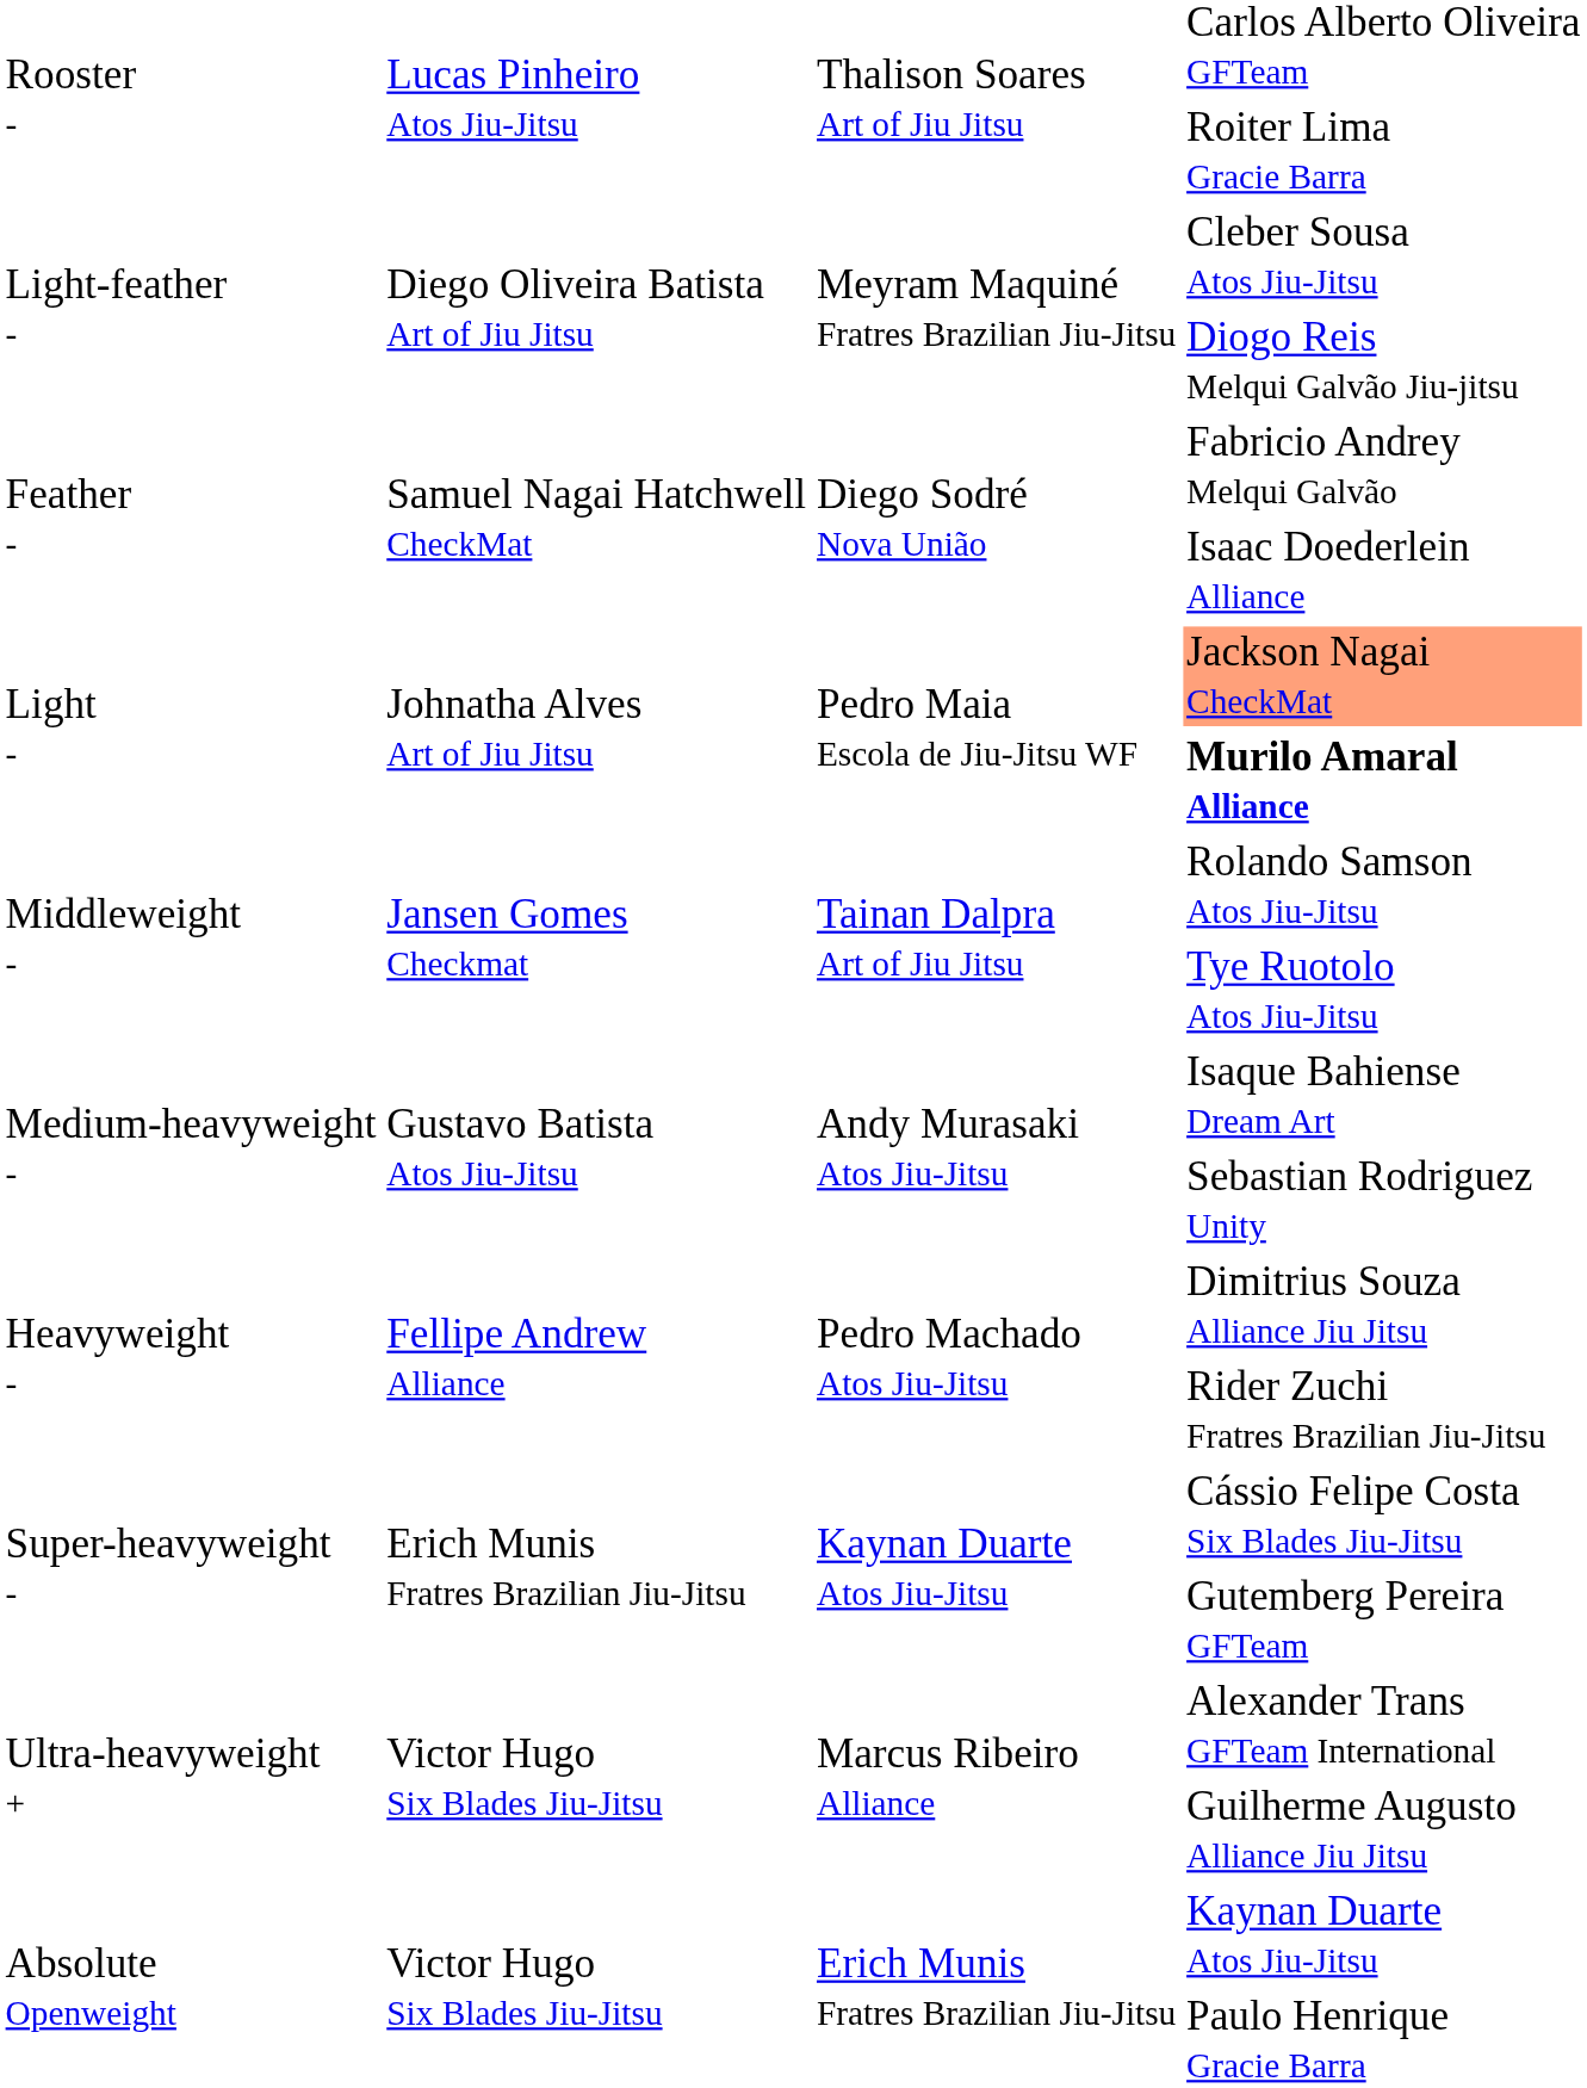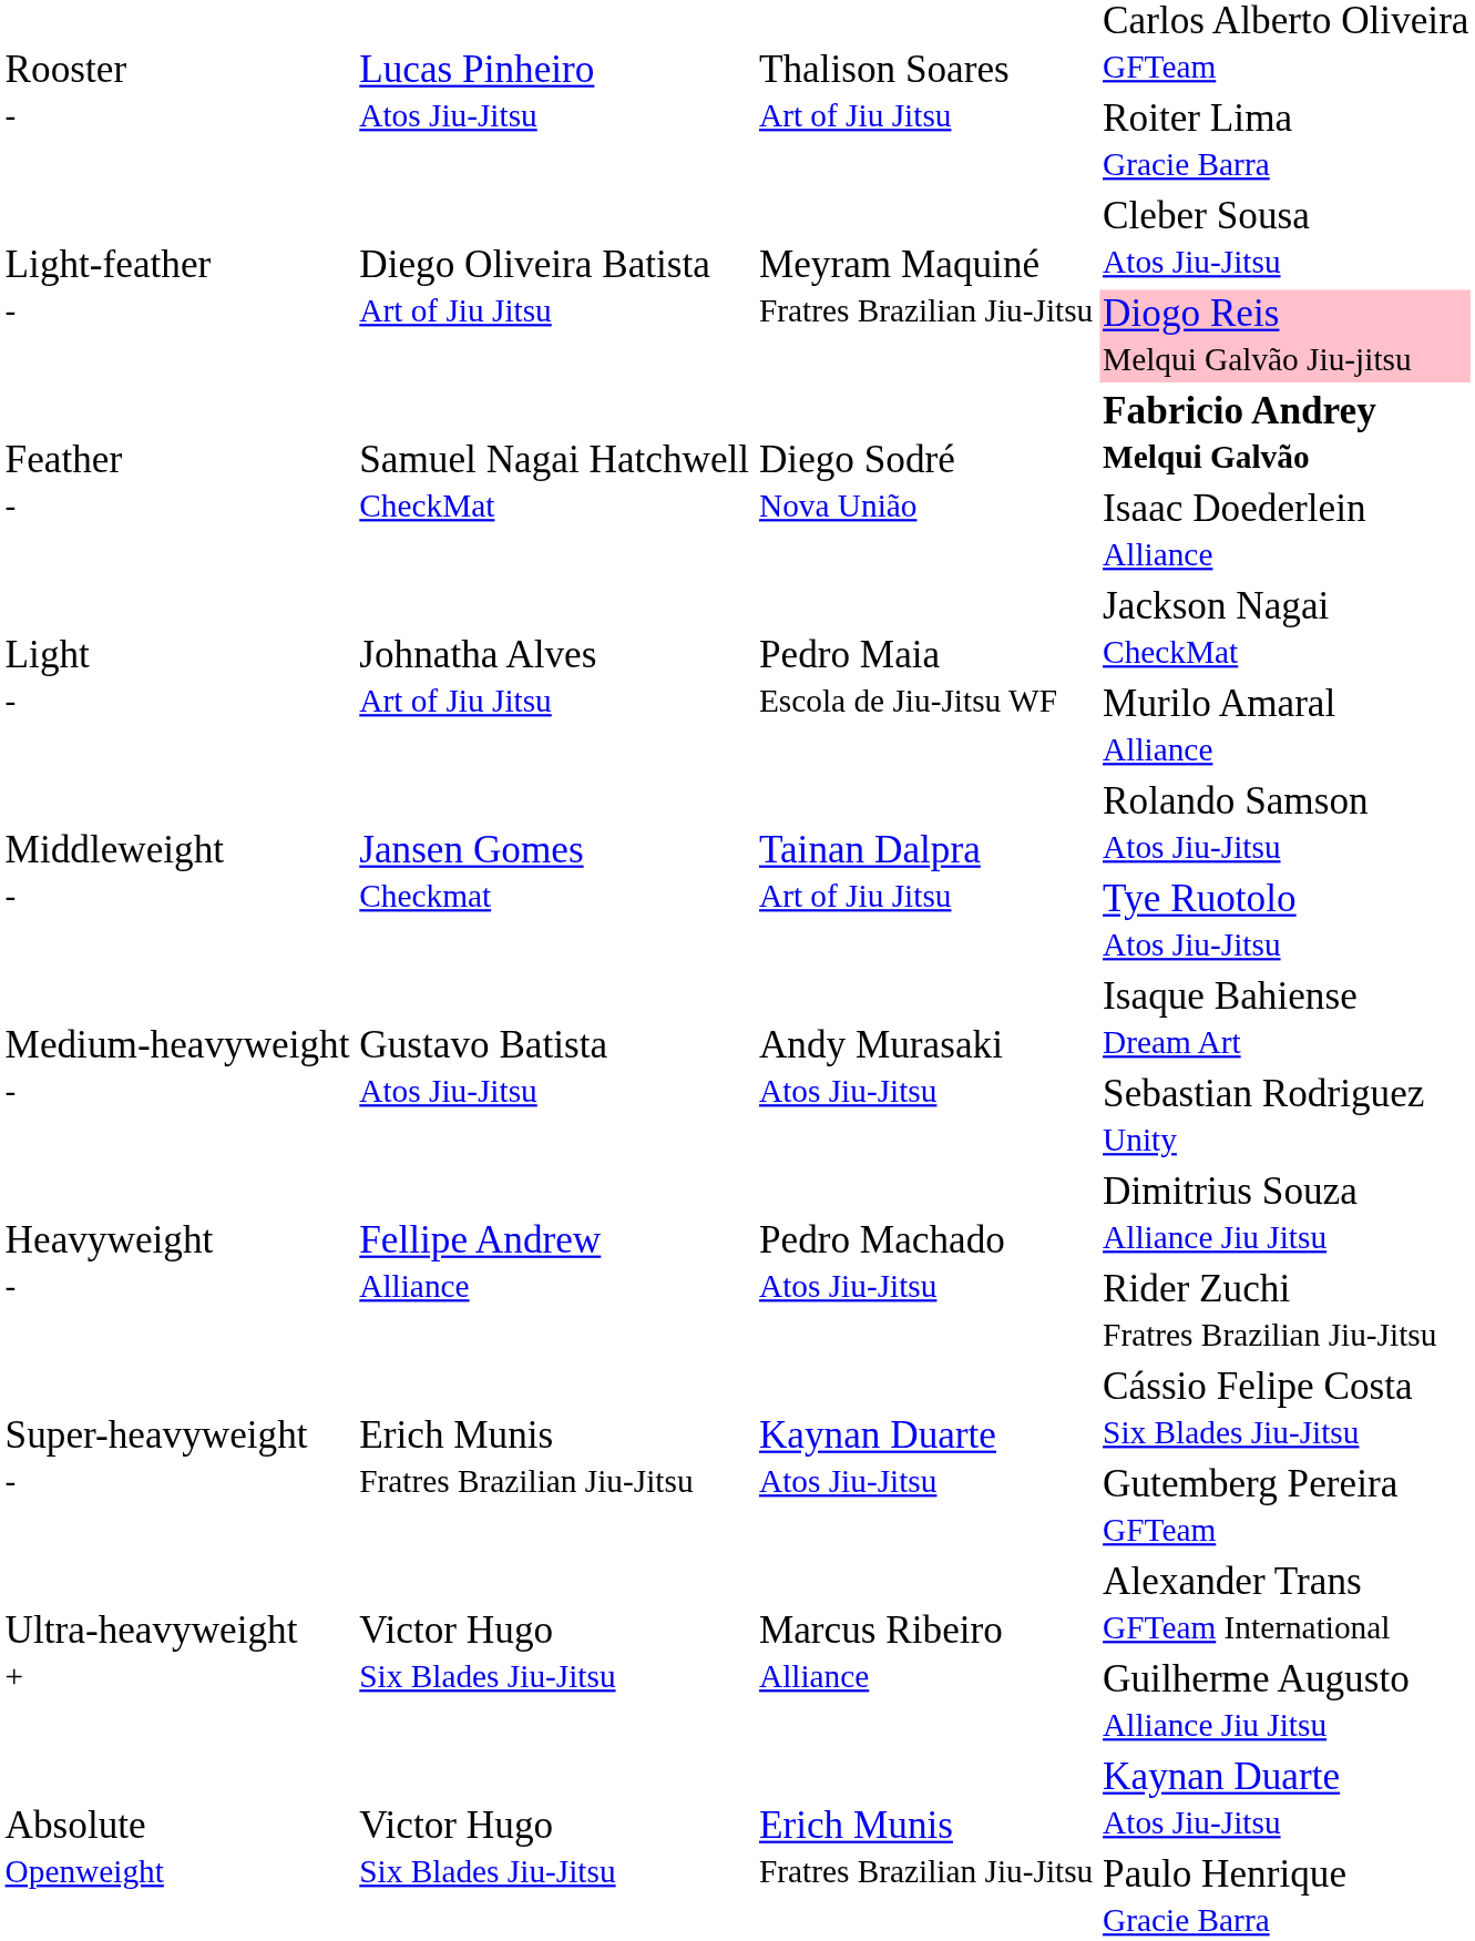 <table>
 <tr>
 <td rowspan=2>Rooster<br><small>-</small></td>
 <td rowspan=2> <a href='#'>Lucas Pinheiro</a><br><small><a href='#'>Atos Jiu-Jitsu</a></small></td>
 <td rowspan=2> Thalison Soares<br><small><a href='#'>Art of Jiu Jitsu</a></small></td>
 <td> Carlos Alberto Oliveira<br><small><a href='#'>GFTeam</a></small></td>
 </tr>
 <tr>
 <td> Roiter Lima<br><small><a href='#'>Gracie Barra</a></small></td>
 </tr>
 <tr>
 <td rowspan=2>Light-feather<br><small>-</small></td>
 <td rowspan=2> Diego Oliveira Batista<br><small><a href='#'>Art of Jiu Jitsu</a></small></td>
 <td rowspan=2> Meyram Maquiné<br><small> Fratres Brazilian Jiu-Jitsu</small></td>
 <td> Cleber Sousa<br><small><a href='#'>Atos Jiu-Jitsu</a></small></td>
 </tr>
 <tr>
-<td> <a href='#'>Diogo Reis</a><br><small>Melqui Galvão Jiu-jitsu</small></td>
+<td style="background: pink;"> <a href='#'>Diogo Reis</a><br><small>Melqui Galvão Jiu-jitsu</small></td>
 </tr>
 <tr>
 <td rowspan=2>Feather<br><small>-</small></td>
 <td rowspan=2> Samuel Nagai Hatchwell<br><small><a href='#'>CheckMat</a></small></td>
 <td rowspan=2> Diego Sodré<br><small><a href='#'>Nova União</a></small></td>
-<td> Fabricio Andrey<br><small>Melqui Galvão</small></td>
+<td><strong> Fabricio Andrey<br><small>Melqui Galvão</small></strong></td>
 </tr>
 <tr>
 <td> Isaac Doederlein<br><small><a href='#'>Alliance</a></small></td>
 </tr>
 <tr>
 <td rowspan=2>Light<br><small>-</small></td>
 <td rowspan=2> Johnatha Alves<br><small><a href='#'>Art of Jiu Jitsu</a></small></td>
 <td rowspan=2> Pedro Maia<br><small>Escola de Jiu-Jitsu WF</small></td>
-<td style="background: lightsalmon;"> Jackson Nagai<br><small><a href='#'>CheckMat</a></small></td>
+<td> Jackson Nagai<br><small><a href='#'>CheckMat</a></small></td>
 </tr>
 <tr>
-<td><strong> Murilo Amaral<br><small><a href='#'>Alliance</a></small></strong></td>
+<td> Murilo Amaral<br><small><a href='#'>Alliance</a></small></td>
 </tr>
 <tr>
 <td rowspan=2>Middleweight<br><small>-</small></td>
 <td rowspan=2> <a href='#'>Jansen Gomes</a><br><small><a href='#'>Checkmat</a></small></td>
 <td rowspan=2> <a href='#'>Tainan Dalpra</a><br><small><a href='#'>Art of Jiu Jitsu</a></small></td>
 <td> Rolando Samson<br><small><a href='#'>Atos Jiu-Jitsu</a></small></td>
 </tr>
 <tr>
 <td> <a href='#'>Tye Ruotolo</a><br><small><a href='#'>Atos Jiu-Jitsu</a></small></td>
 </tr>
 <tr>
 <td rowspan=2>Medium-heavyweight<br><small>-</small></td>
 <td rowspan=2> Gustavo Batista<br><small><a href='#'>Atos Jiu-Jitsu</a></small></td>
 <td rowspan=2> Andy Murasaki<br><small><a href='#'>Atos Jiu-Jitsu</a></small></td>
 <td> Isaque Bahiense<br><small><a href='#'>Dream Art</a></small></td>
 </tr>
 <tr>
 <td> Sebastian Rodriguez<br><small><a href='#'>Unity</a></small></td>
 </tr>
 <tr>
 <td rowspan=2>Heavyweight<br><small>-</small></td>
 <td rowspan=2> <a href='#'>Fellipe Andrew</a><br><small><a href='#'>Alliance</a></small></td>
 <td rowspan=2> Pedro Machado<br><small><a href='#'>Atos Jiu-Jitsu</a></small></td>
 <td> Dimitrius Souza<br><small><a href='#'>Alliance Jiu Jitsu</a></small></td>
 </tr>
 <tr>
 <td> Rider Zuchi<br><small>Fratres Brazilian Jiu-Jitsu</small></td>
 </tr>
 <tr>
 <td rowspan=2>Super-heavyweight<br><small>-</small></td>
 <td rowspan=2> Erich Munis<br><small>Fratres Brazilian Jiu-Jitsu</small></td>
 <td rowspan=2> <a href='#'>Kaynan Duarte</a><br><small><a href='#'>Atos Jiu-Jitsu</a></small></td>
 <td> Cássio Felipe Costa<br><small><a href='#'>Six Blades Jiu-Jitsu</a></small></td>
 </tr>
 <tr>
 <td> Gutemberg Pereira<br><small><a href='#'>GFTeam</a></small></td>
 </tr>
 <tr>
 <td rowspan=2>Ultra-heavyweight<br><small>+</small></td>
 <td rowspan=2> Victor Hugo<br><small><a href='#'>Six Blades Jiu-Jitsu</a></small></td>
 <td rowspan=2> Marcus Ribeiro<br><small><a href='#'>Alliance</a></small></td>
 <td> Alexander Trans<br><small><a href='#'>GFTeam</a> International</small></td>
 </tr>
 <tr>
 <td> Guilherme Augusto<br><small><a href='#'>Alliance Jiu Jitsu</a></small></td>
 </tr>
 <tr>
 <td rowspan=2>Absolute<br><small><a href='#'>Openweight</a></small></td>
 <td rowspan=2> Victor Hugo<br><small><a href='#'>Six Blades Jiu-Jitsu</a></small></td>
 <td rowspan=2> <a href='#'>Erich Munis</a><br><small> Fratres Brazilian Jiu-Jitsu</small></td>
 <td> <a href='#'>Kaynan Duarte</a><br><small><a href='#'>Atos Jiu-Jitsu</a></small></td>
 </tr>
 <tr>
 <td> Paulo Henrique<br><small><a href='#'>Gracie Barra</a></small></td>
 </tr>
 <tr>
 </tr>
 </table>
